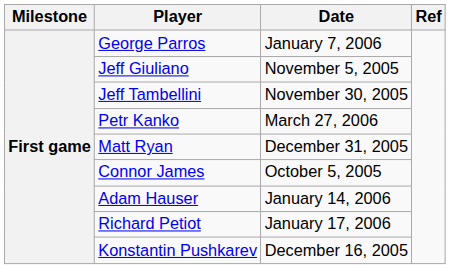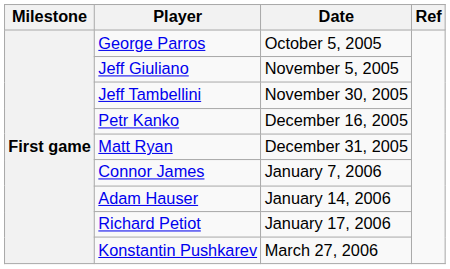 <table class="wikitable">
 <tr>
 <th scope="col">Milestone</th>
 <th scope="col">Player</th>
 <th scope="col">Date</th>
 <th scope="col">Ref</th>
 </tr>
 <tr>
 <th rowspan=9>First game</th>
 <td><a href='#'>George Parros</a></td>
-<td>January 7, 2006</td>
+<td>October 5, 2005</td>
 <td rowspan=9></td>
 </tr>
 <tr>
 <td><a href='#'>Jeff Giuliano</a></td>
 <td>November 5, 2005</td>
 </tr>
 <tr>
 <td><a href='#'>Jeff Tambellini</a></td>
 <td>November 30, 2005</td>
 </tr>
 <tr>
 <td><a href='#'>Petr Kanko</a></td>
-<td>March 27, 2006</td>
+<td>December 16, 2005</td>
 </tr>
 <tr>
 <td><a href='#'>Matt Ryan</a></td>
 <td>December 31, 2005</td>
 </tr>
 <tr>
 <td><a href='#'>Connor James</a></td>
-<td>October 5, 2005</td>
+<td>January 7, 2006</td>
 </tr>
 <tr>
 <td><a href='#'>Adam Hauser</a></td>
 <td>January 14, 2006</td>
 </tr>
 <tr>
 <td><a href='#'>Richard Petiot</a></td>
 <td>January 17, 2006</td>
 </tr>
 <tr>
 <td><a href='#'>Konstantin Pushkarev</a></td>
-<td>December 16, 2005</td>
+<td>March 27, 2006</td>
 </tr>
 </table>
